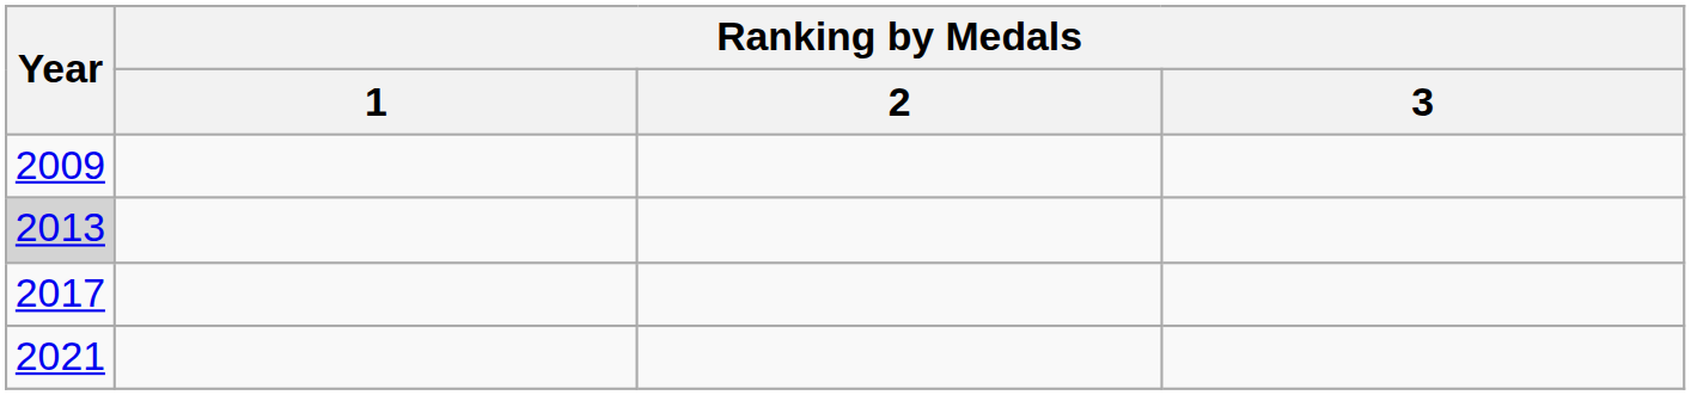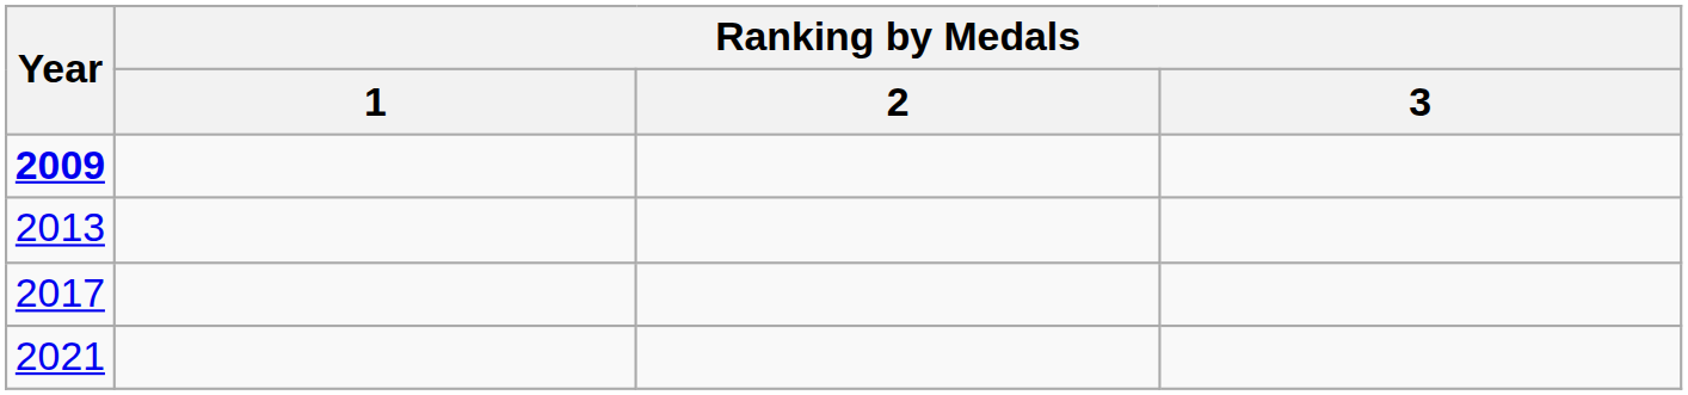 <table class="wikitable" style="text-align:left;" style="font-size:100%">
 <tr>
 <th rowspan=2 width=35>Year</th>
 <th colspan=3>Ranking by Medals</th>
 </tr>
 <tr>
 <th width=200>1</th>
 <th width=200>2</th>
 <th width=200>3</th>
 </tr>
 <tr>
-<td align=center><a href='#'>2009</a></td>
+<td align=center><strong><a href='#'>2009</a></strong></td>
 <td><strong></strong></td>
 <td></td>
 <td></td>
 </tr>
 <tr>
-<td align=center style="background: lightgrey;"><a href='#'>2013</a></td>
+<td align=center><a href='#'>2013</a></td>
 <td><strong></strong></td>
 <td></td>
 <td></td>
 </tr>
 <tr>
 <td align=center><a href='#'>2017</a></td>
 <td><strong></strong></td>
 <td></td>
 <td></td>
 </tr>
 <tr>
 <td align=center><a href='#'>2021</a></td>
 <td><strong></strong></td>
 <td></td>
 <td></td>
 </tr>
 </table>
